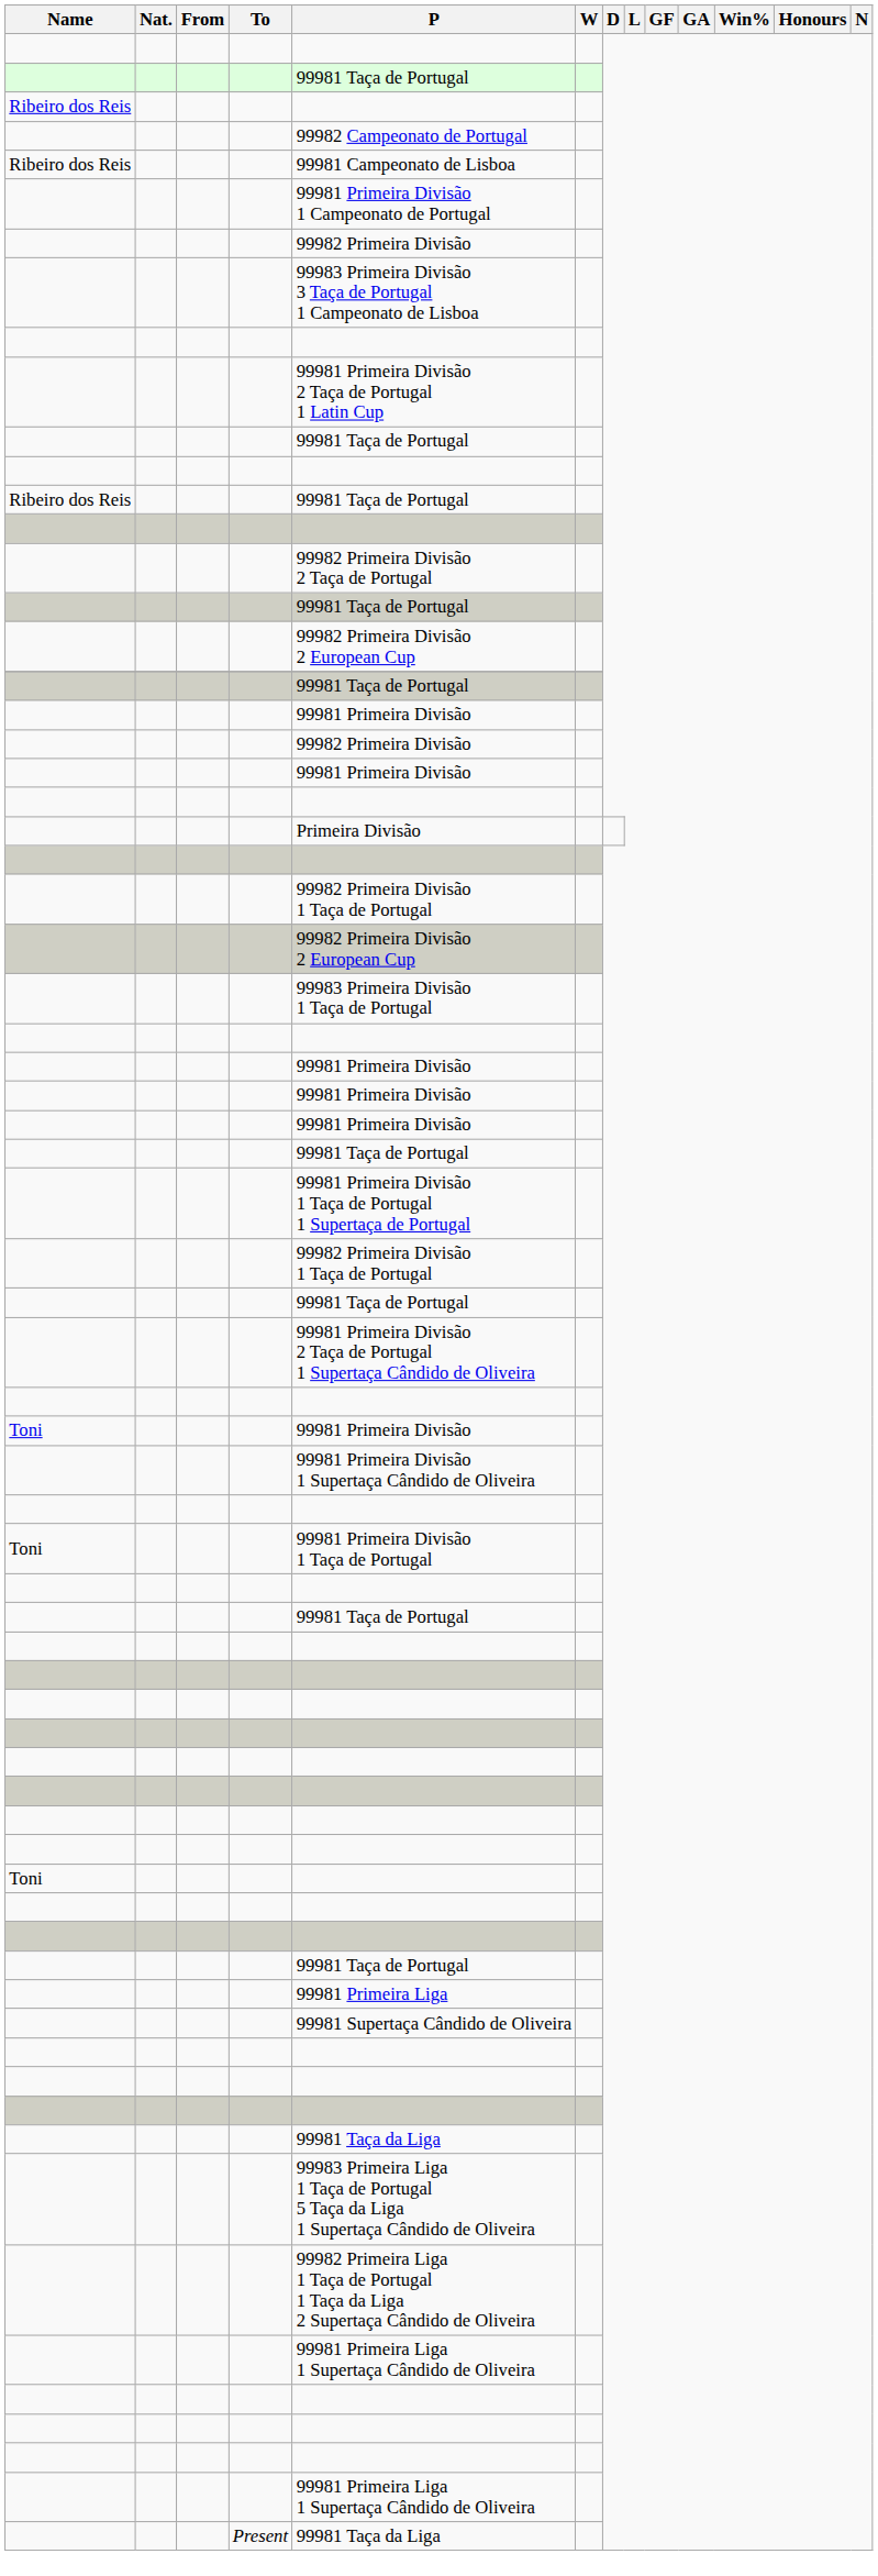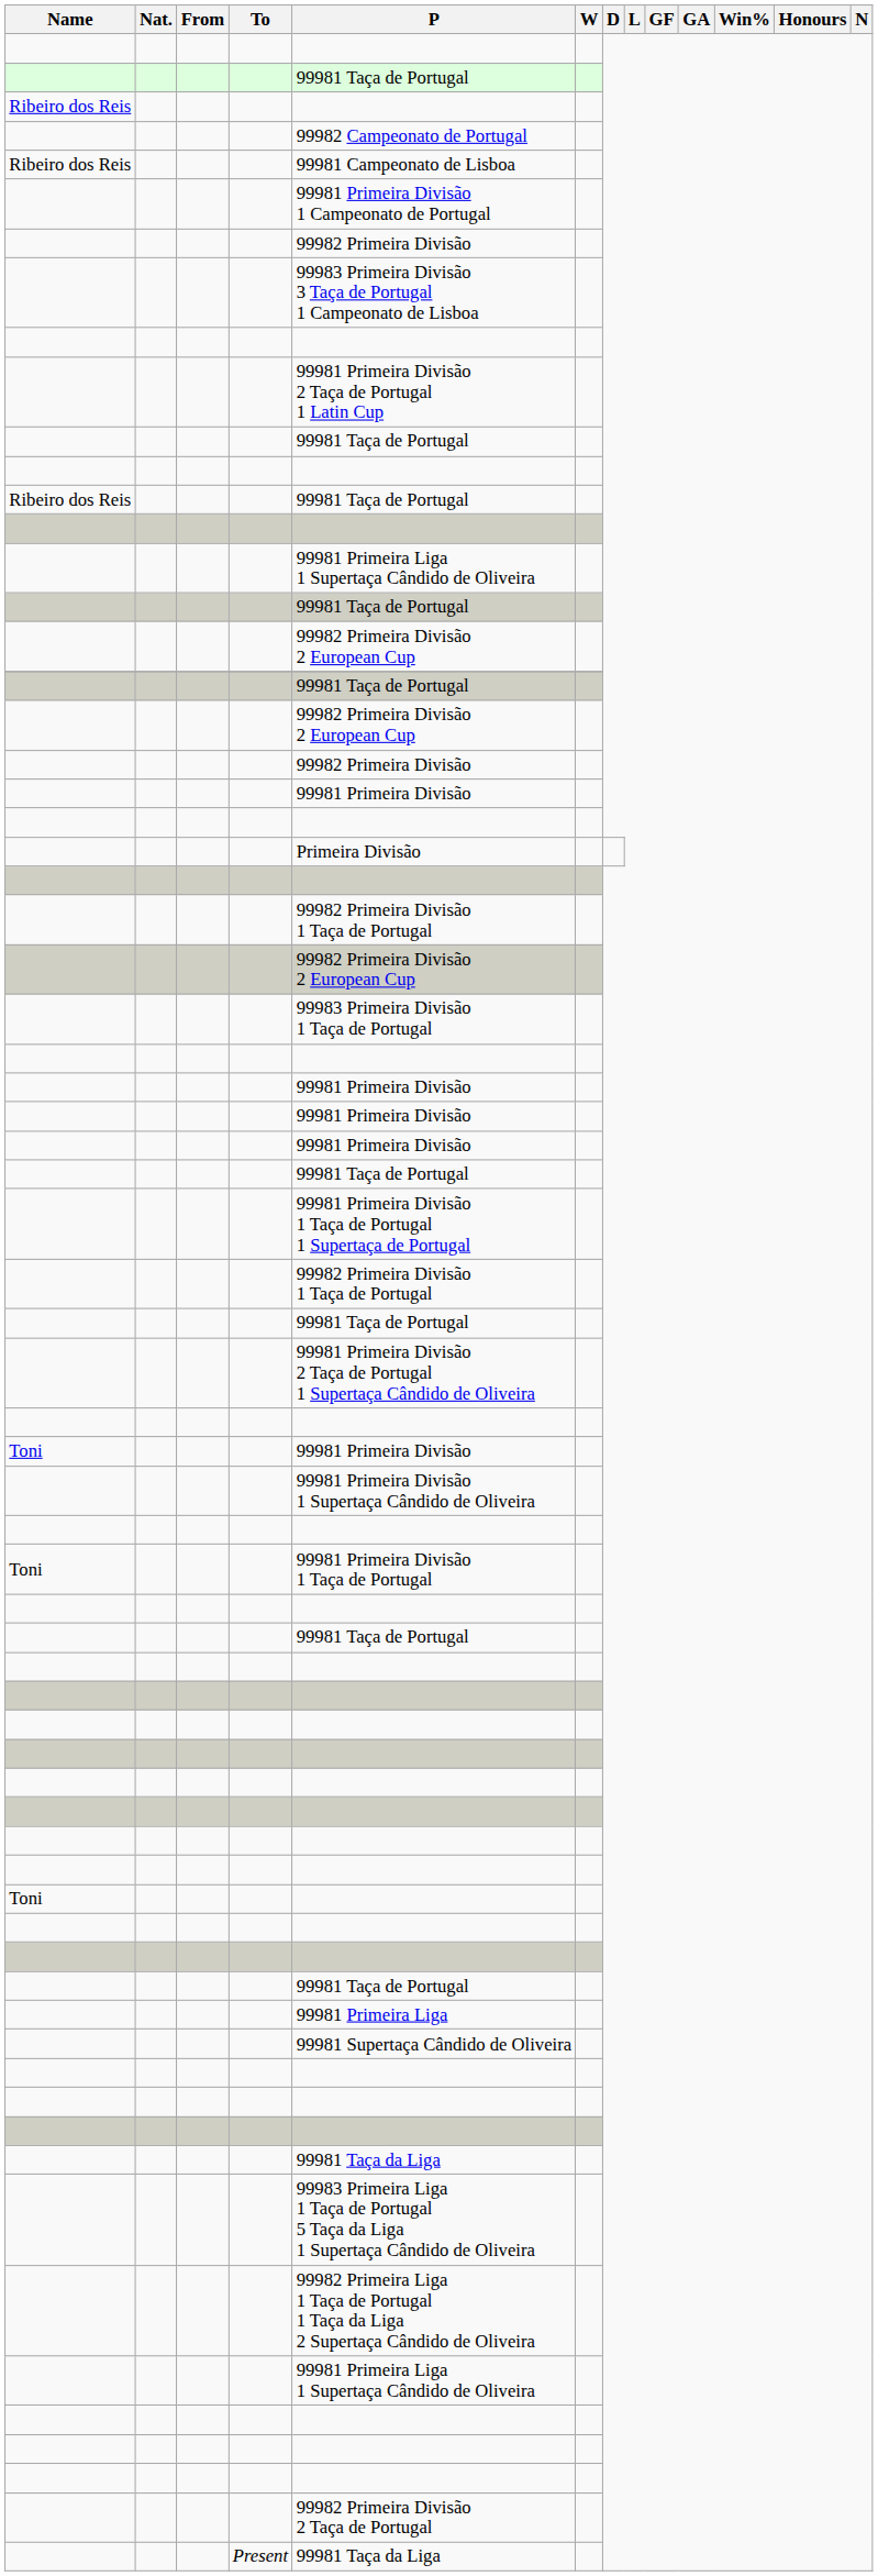 <table class="wikitable sortable plainrowheaders">
 <tr>
 <th scope="col">Name</th>
 <th scope="col">Nat.</th>
 <th scope="col">From</th>
 <th scope="col">To</th>
 <th scope="col">P</th>
 <th scope="col">W</th>
 <th scope="col">D</th>
 <th scope="col">L</th>
 <th scope="col">GF</th>
 <th scope="col">GA</th>
 <th scope="col">Win%</th>
 <th scope="col">Honours</th>
 <th scope="col" class="unsortable">N</th>
 </tr>
 <tr>
 <td></td>
 <td></td>
 <td></td>
 <td><br></td>
 <td></td>
 <td></td>
 </tr>
 <tr bgcolor="#ddffdd">
 <td></td>
 <td></td>
 <td></td>
 <td><br></td>
 <td><span>9998</span>1 Taça de Portugal</td>
 <td></td>
 </tr>
 <tr>
 <td><a href='#'>Ribeiro dos Reis</a></td>
 <td></td>
 <td></td>
 <td><br></td>
 <td></td>
 <td></td>
 </tr>
 <tr>
 <td></td>
 <td></td>
 <td></td>
 <td><br></td>
 <td><span>9998</span>2 <a href='#'>Campeonato de Portugal</a></td>
 <td></td>
 </tr>
 <tr>
 <td>Ribeiro dos Reis</td>
 <td></td>
 <td></td>
 <td><br></td>
 <td><span>9998</span>1 Campeonato de Lisboa</td>
 <td></td>
 </tr>
 <tr>
 <td></td>
 <td></td>
 <td></td>
 <td><br></td>
 <td><span>9998</span>1 <a href='#'>Primeira Divisão</a><br>1 Campeonato de Portugal</td>
 <td></td>
 </tr>
 <tr>
 <td></td>
 <td></td>
 <td></td>
 <td><br></td>
 <td><span>9998</span>2 Primeira Divisão</td>
 <td></td>
 </tr>
 <tr>
 <td></td>
 <td></td>
 <td></td>
 <td><br></td>
 <td><span>9998</span>3 Primeira Divisão<br>3 <a href='#'>Taça de Portugal</a><br>1 Campeonato de Lisboa</td>
 <td></td>
 </tr>
 <tr>
 <td></td>
 <td></td>
 <td></td>
 <td><br></td>
 <td></td>
 <td></td>
 </tr>
 <tr>
 <td></td>
 <td></td>
 <td></td>
 <td><br></td>
 <td><span>9998</span>1 Primeira Divisão<br>2 Taça de Portugal<br>1 <a href='#'>Latin Cup</a></td>
 <td></td>
 </tr>
 <tr>
 <td></td>
 <td></td>
 <td></td>
 <td><br></td>
 <td><span>9998</span>1 Taça de Portugal</td>
 <td></td>
 </tr>
 <tr>
 <td></td>
 <td></td>
 <td></td>
 <td><br></td>
 <td></td>
 <td></td>
 </tr>
 <tr>
 <td>Ribeiro dos Reis</td>
 <td></td>
 <td></td>
 <td><br></td>
 <td><span>9998</span>1 Taça de Portugal</td>
 <td></td>
 </tr>
 <tr bgcolor="#CFCFC4">
 <td></td>
 <td></td>
 <td></td>
 <td><br></td>
 <td></td>
 <td></td>
 </tr>
 <tr>
 <td></td>
 <td></td>
 <td></td>
 <td><br></td>
-<td><span>9998</span>2 Primeira Divisão<br>2 Taça de Portugal</td>
+<td><span>9998</span>1 Primeira Liga<br>1 Supertaça Cândido de Oliveira</td>
 <td></td>
 </tr>
 <tr bgcolor="#CFCFC4">
 <td></td>
 <td></td>
 <td></td>
 <td><br></td>
 <td><span>9998</span>1 Taça de Portugal</td>
 <td></td>
 </tr>
 <tr>
 <td></td>
 <td></td>
 <td></td>
 <td><br></td>
 <td><span>9998</span>2 Primeira Divisão<br>2 <a href='#'>European Cup</a></td>
 <td></td>
 </tr>
 <tr>
 </tr>
 <tr bgcolor="#CFCFC4">
 <td></td>
 <td></td>
 <td></td>
 <td><br></td>
 <td><span>9998</span>1 Taça de Portugal</td>
 <td></td>
 </tr>
 <tr>
 <td></td>
 <td></td>
 <td></td>
 <td><br></td>
-<td><span>9998</span>1 Primeira Divisão</td>
+<td><span>9998</span>2 Primeira Divisão<br>2 <a href='#'>European Cup</a></td>
 <td></td>
 </tr>
 <tr>
 <td></td>
 <td></td>
 <td></td>
 <td><br></td>
 <td><span>9998</span>2 Primeira Divisão</td>
 <td></td>
 </tr>
 <tr>
 <td></td>
 <td></td>
 <td></td>
 <td><br></td>
 <td><span>9998</span>1 Primeira Divisão</td>
 <td></td>
 </tr>
 <tr>
 <td></td>
 <td></td>
 <td></td>
 <td><br></td>
 <td></td>
 <td></td>
 </tr>
 <tr>
 <td></td>
 <td></td>
 <td></td>
 <td><br></td>
 <td>Primeira Divisão</td>
 <td></td>
 <td></td>
 </tr>
 <tr bgcolor="#CFCFC4">
 <td></td>
 <td></td>
 <td></td>
 <td><br></td>
 <td></td>
 <td></td>
 </tr>
 <tr>
 <td></td>
 <td></td>
 <td></td>
 <td><br></td>
 <td><span>9998</span>2 Primeira Divisão<br>1 Taça de Portugal</td>
 <td></td>
 </tr>
 <tr bgcolor="#CFCFC4">
 <td></td>
 <td></td>
 <td></td>
 <td><br></td>
 <td><span>9998</span>2 Primeira Divisão<br>2 <a href='#'>European Cup</a></td>
 <td></td>
 </tr>
 <tr>
 <td></td>
 <td></td>
 <td></td>
 <td><br></td>
 <td><span>9998</span>3 Primeira Divisão<br>1 Taça de Portugal</td>
 <td></td>
 </tr>
 <tr>
 <td></td>
 <td></td>
 <td></td>
 <td><br></td>
 <td></td>
 <td></td>
 </tr>
 <tr>
 <td></td>
 <td></td>
 <td></td>
 <td><br></td>
 <td><span>9998</span>1 Primeira Divisão</td>
 <td></td>
 </tr>
 <tr>
 <td></td>
 <td></td>
 <td></td>
 <td><br></td>
 <td><span>9998</span>1 Primeira Divisão</td>
 <td></td>
 </tr>
 <tr>
 <td></td>
 <td></td>
 <td></td>
 <td><br></td>
 <td><span>9998</span>1 Primeira Divisão</td>
 <td></td>
 </tr>
 <tr>
 <td></td>
 <td></td>
 <td></td>
 <td><br></td>
 <td><span>9998</span>1 Taça de Portugal</td>
 <td></td>
 </tr>
 <tr>
 <td></td>
 <td></td>
 <td></td>
 <td><br></td>
 <td><span>9998</span>1 Primeira Divisão<br>1 Taça de Portugal<br>1 <a href='#'>Supertaça de Portugal</a></td>
 <td></td>
 </tr>
 <tr>
 <td></td>
 <td></td>
 <td></td>
 <td><br></td>
 <td><span>9998</span>2 Primeira Divisão<br>1 Taça de Portugal</td>
 <td></td>
 </tr>
 <tr>
 <td></td>
 <td></td>
 <td></td>
 <td><br></td>
 <td><span>9998</span>1 Taça de Portugal</td>
 <td></td>
 </tr>
 <tr>
 <td></td>
 <td></td>
 <td></td>
 <td><br></td>
 <td><span>9998</span>1 Primeira Divisão<br>2 Taça de Portugal<br>1 <a href='#'>Supertaça Cândido de Oliveira</a></td>
 <td></td>
 </tr>
 <tr>
 <td></td>
 <td></td>
 <td></td>
 <td><br></td>
 <td></td>
 <td></td>
 </tr>
 <tr>
 <td><a href='#'>Toni</a></td>
 <td></td>
 <td></td>
 <td><br></td>
 <td><span>9998</span>1 Primeira Divisão</td>
 <td></td>
 </tr>
 <tr>
 <td></td>
 <td></td>
 <td></td>
 <td><br></td>
 <td><span>9998</span>1 Primeira Divisão<br>1 Supertaça Cândido de Oliveira</td>
 <td></td>
 </tr>
 <tr>
 <td></td>
 <td></td>
 <td></td>
 <td><br></td>
 <td></td>
 <td></td>
 </tr>
 <tr>
 <td>Toni</td>
 <td></td>
 <td></td>
 <td><br></td>
 <td><span>9998</span>1 Primeira Divisão<br>1 Taça de Portugal</td>
 <td></td>
 </tr>
 <tr>
 <td></td>
 <td></td>
 <td></td>
 <td><br></td>
 <td></td>
 <td></td>
 </tr>
 <tr>
 <td></td>
 <td></td>
 <td></td>
 <td><br></td>
 <td><span>9998</span>1 Taça de Portugal</td>
 <td></td>
 </tr>
 <tr>
 <td></td>
 <td></td>
 <td></td>
 <td><br></td>
 <td></td>
 <td></td>
 </tr>
 <tr bgcolor="#CFCFC4">
 <td></td>
 <td></td>
 <td></td>
 <td><br></td>
 <td></td>
 <td></td>
 </tr>
 <tr>
 <td></td>
 <td></td>
 <td></td>
 <td><br></td>
 <td></td>
 <td></td>
 </tr>
 <tr bgcolor="#CFCFC4">
 <td></td>
 <td></td>
 <td></td>
 <td><br></td>
 <td></td>
 <td></td>
 </tr>
 <tr>
 <td></td>
 <td></td>
 <td></td>
 <td><br></td>
 <td></td>
 <td></td>
 </tr>
 <tr bgcolor="#CFCFC4">
 <td></td>
 <td></td>
 <td></td>
 <td><br></td>
 <td></td>
 <td></td>
 </tr>
 <tr>
 <td></td>
 <td></td>
 <td></td>
 <td><br></td>
 <td></td>
 <td></td>
 </tr>
 <tr>
 <td></td>
 <td></td>
 <td></td>
 <td><br></td>
 <td></td>
 <td></td>
 </tr>
 <tr>
 <td>Toni</td>
 <td></td>
 <td></td>
 <td><br></td>
 <td></td>
 <td></td>
 </tr>
 <tr>
 <td></td>
 <td></td>
 <td></td>
 <td><br></td>
 <td></td>
 <td></td>
 </tr>
 <tr bgcolor="#CFCFC4">
 <td></td>
 <td></td>
 <td></td>
 <td><br></td>
 <td></td>
 <td></td>
 </tr>
 <tr>
 <td></td>
 <td></td>
 <td></td>
 <td><br></td>
 <td><span>9998</span>1 Taça de Portugal</td>
 <td></td>
 </tr>
 <tr>
 <td></td>
 <td></td>
 <td></td>
 <td><br></td>
 <td><span>9998</span>1 <a href='#'>Primeira Liga</a></td>
 <td></td>
 </tr>
 <tr>
 <td></td>
 <td></td>
 <td></td>
 <td><br></td>
 <td><span>9998</span>1 Supertaça Cândido de Oliveira</td>
 <td></td>
 </tr>
 <tr>
 <td></td>
 <td></td>
 <td></td>
 <td><br></td>
 <td></td>
 <td></td>
 </tr>
 <tr>
 <td></td>
 <td></td>
 <td></td>
 <td><br></td>
 <td></td>
 <td></td>
 </tr>
 <tr bgcolor="#CFCFC4">
 <td></td>
 <td></td>
 <td></td>
 <td><br></td>
 <td></td>
 <td></td>
 </tr>
 <tr>
 <td></td>
 <td></td>
 <td></td>
 <td><br></td>
 <td><span>9998</span>1 <a href='#'>Taça da Liga</a></td>
 <td></td>
 </tr>
 <tr>
 <td></td>
 <td></td>
 <td></td>
 <td><br></td>
 <td><span>9998</span>3 Primeira Liga<br>1 Taça de Portugal<br>5 Taça da Liga<br>1 Supertaça Cândido de Oliveira</td>
 <td></td>
 </tr>
 <tr>
 <td></td>
 <td></td>
 <td></td>
 <td><br></td>
 <td><span>9998</span>2 Primeira Liga<br>1 Taça de Portugal<br>1 Taça da Liga<br>2 Supertaça Cândido de Oliveira</td>
 <td></td>
 </tr>
 <tr>
 <td></td>
 <td></td>
 <td></td>
 <td><br></td>
 <td><span>9998</span>1 Primeira Liga<br>1 Supertaça Cândido de Oliveira</td>
 <td></td>
 </tr>
 <tr -bgcolor="#CFCFC4">
 <td></td>
 <td></td>
 <td></td>
 <td><br></td>
 <td></td>
 <td></td>
 </tr>
 <tr>
 <td></td>
 <td></td>
 <td></td>
 <td><br></td>
 <td></td>
 <td></td>
 </tr>
 <tr -bgcolor="#CFCFC4">
 <td></td>
 <td></td>
 <td></td>
 <td><br></td>
 <td></td>
 <td></td>
 </tr>
 <tr>
 <td></td>
 <td></td>
 <td></td>
 <td><br></td>
-<td><span>9998</span>1 Primeira Liga<br>1 Supertaça Cândido de Oliveira</td>
+<td><span>9998</span>2 Primeira Divisão<br>2 Taça de Portugal</td>
 <td></td>
 </tr>
 <tr>
 <td></td>
 <td></td>
 <td></td>
 <td><em>Present</em><br></td>
 <td><span>9998</span>1 Taça da Liga</td>
 <td></td>
 </tr>
 </table>
